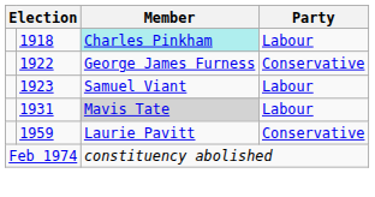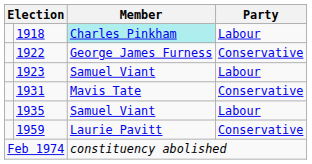 <table class="wikitable">
 <tr>
 <th colspan="2">Election</th>
 <th>Member</th>
 <th>Party</th>
 </tr>
 <tr>
 <td style="color:inherit;background-color: "></td>
 <td><a href='#'>1918</a></td>
 <td style="background: paleturquoise;"><a href='#'>Charles Pinkham</a></td>
 <td><a href='#'>Labour</a></td>
 </tr>
 <tr>
 <td style="color:inherit;background-color: "></td>
 <td><a href='#'>1922</a></td>
 <td><a href='#'>George James Furness</a></td>
 <td><a href='#'>Conservative</a></td>
 </tr>
 <tr>
 <td style="color:inherit;background-color: "></td>
 <td><a href='#'>1923</a></td>
 <td><a href='#'>Samuel Viant</a></td>
 <td><a href='#'>Labour</a></td>
 </tr>
 <tr>
 <td style="color:inherit;background-color: "></td>
 <td><a href='#'>1931</a></td>
-<td style="background: lightgrey;"><a href='#'>Mavis Tate</a></td>
+<td><a href='#'>Mavis Tate</a></td>
+<td><a href='#'>Conservative</a></td>
+</tr>
+<tr>
+<td style="color:inherit;background-color: "></td>
+<td><a href='#'>1935</a></td>
+<td><a href='#'>Samuel Viant</a></td>
 <td><a href='#'>Labour</a></td>
 </tr>
 <tr>
 <td style="color:inherit;background-color: "></td>
 <td><a href='#'>1959</a></td>
 <td><a href='#'>Laurie Pavitt</a></td>
 <td><a href='#'>Conservative</a></td>
 </tr>
 <tr>
 <td colspan="2" align="center"><a href='#'>Feb 1974</a></td>
 <td colspan="2"><em>constituency abolished</em></td>
 </tr>
 </table>
